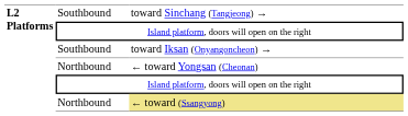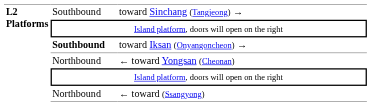 <table table border=0 cellspacing=0 cellpadding=3>
 <tr>
 <td rowspan="6" style="width:50px; border-top:solid 1px gray; border-bottom:solid 0 gray; vertical-align:top;"><strong>L2<br>Platforms</strong></td>
 <td style="border-bottom:solid 0 gray; border-top:solid 1px gray; width:100px;">Southbound</td>
 <td style="border-bottom:solid 0 gray; border-top:solid 1px gray; width:390px;">  toward <a href='#'>Sinchang</a> <small>(<a href='#'>Tangjeong</a>)</small> →</td>
 </tr>
 <tr>
 <td style="border-top:solid 2px black;border-right:solid 2px black;border-left:solid 2px black;border-bottom:solid 2px black;text-align:center;" colspan=2><small><a href='#'>Island platform</a>, doors will open on the right</small></td>
 </tr>
 <tr>
-<td>Southbound</td>
+<td><strong>Southbound</strong></td>
 <td>  toward <a href='#'>Iksan</a> <small>(<a href='#'>Onyangoncheon</a>)</small> →</td>
 </tr>
 <tr>
 <td style="border-bottom:solid 0 gray; border-top:solid 1px gray; width:100px;">Northbound</td>
 <td style="border-bottom:solid 0 gray; border-top:solid 1px gray; width:390px;">←  toward <a href='#'>Yongsan</a> <small>(<a href='#'>Cheonan</a>)</small></td>
 </tr>
 <tr>
 <td style="border-top:solid 2px black;border-right:solid 2px black;border-left:solid 2px black;border-bottom:solid 2px black;text-align:center;" colspan=2><small><a href='#'>Island platform</a>, doors will open on the right</small></td>
 </tr>
 <tr>
 <td style="border-bottom:solid 1px gray;">Northbound</td>
-<td style="background: khaki; border-bottom:solid 1px gray;">←  toward  <small>(<a href='#'>Ssangyong</a>)</small></td>
+<td style="border-bottom:solid 1px gray;">←  toward  <small>(<a href='#'>Ssangyong</a>)</small></td>
 </tr>
 </table>
